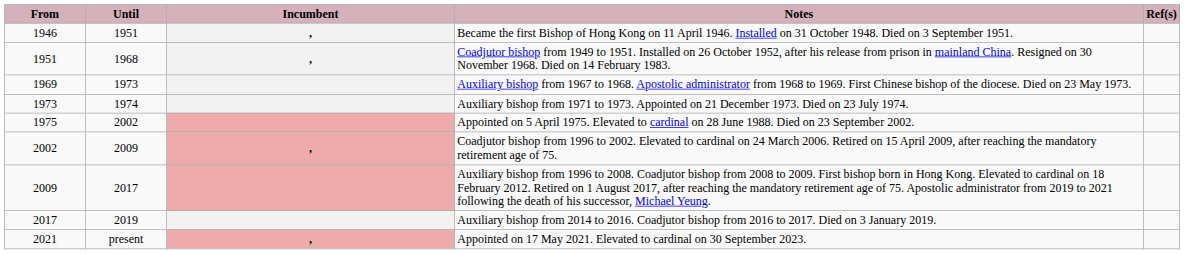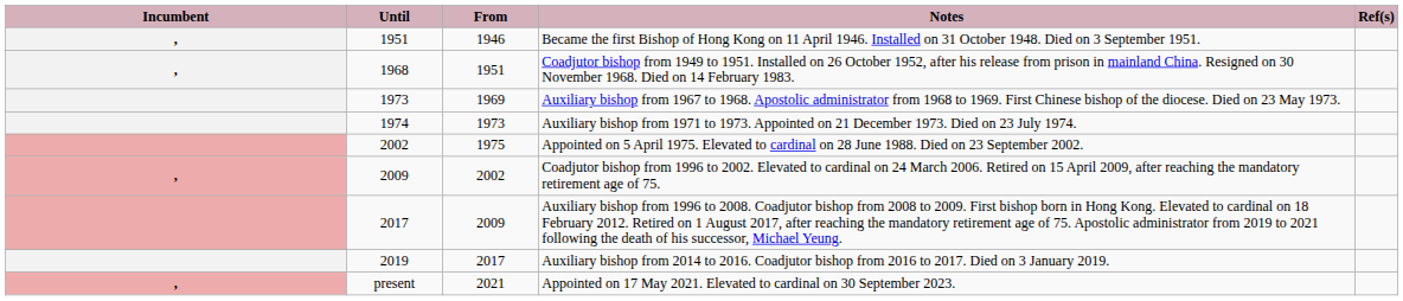 <table class="wikitable sortable plainrowheaders" style="text-align:center;">
 <tr>
+<th scope="col" style="background-color: #D4B1BB; width: 25%">Incumbent</th>
+<th scope="col" style="background-color: #D4B1BB; width: 7%">Until</th>
 <th scope="col" style="background-color: #D4B1BB; width: 7%">From</th>
-<th scope="col" style="background-color: #D4B1BB; width: 7%">Until</th>
-<th scope="col" style="background-color: #D4B1BB; width: 25%">Incumbent</th>
 <th scope="col" style="background-color: #D4B1BB; width: 60%" class="unsortable">Notes</th>
 <th scope="col" style="background-color: #D4B1BB" class="unsortable">Ref(s)</th>
 </tr>
 <tr>
+<th scope="row">, </th>
+<td>1951</td>
 <td>1946</td>
-<td>1951</td>
-<th scope="row">, </th>
 <td style="text-align:left">Became the first Bishop of Hong Kong on 11 April 1946.  <a href='#'>Installed</a> on 31 October 1948.  Died on 3 September 1951.</td>
 <td></td>
 </tr>
 <tr>
+<th scope="row">, </th>
+<td>1968</td>
 <td>1951</td>
-<td>1968</td>
-<th scope="row">, </th>
 <td style="text-align:left"><a href='#'>Coadjutor bishop</a> from 1949 to 1951.  Installed on 26 October 1952, after his release from prison in <a href='#'>mainland China</a>.  Resigned on 30 November 1968.  Died on 14 February 1983.</td>
 <td></td>
 </tr>
 <tr>
+<th scope="row"></th>
+<td>1973</td>
 <td>1969</td>
-<td>1973</td>
-<th scope="row"></th>
 <td style="text-align:left"><a href='#'>Auxiliary bishop</a> from 1967 to 1968.  <a href='#'>Apostolic administrator</a> from 1968 to 1969.  First Chinese bishop of the diocese.  Died on 23 May 1973.</td>
 <td></td>
 </tr>
 <tr>
+<th scope="row"></th>
+<td>1974</td>
 <td>1973</td>
-<td>1974</td>
-<th scope="row"></th>
 <td style="text-align:left">Auxiliary bishop from 1971 to 1973.  Appointed on 21 December 1973.  Died on 23 July 1974.</td>
 <td></td>
 </tr>
 <tr>
+<th scope="row" style="background-color: #eeabab"></th>
+<td>2002</td>
 <td>1975</td>
-<td>2002</td>
-<th scope="row" style="background-color: #eeabab"></th>
 <td style="text-align:left">Appointed on 5 April 1975.  Elevated to <a href='#'>cardinal</a> on 28 June 1988.  Died on 23 September 2002.</td>
 <td></td>
 </tr>
 <tr>
+<th scope="row" style="background-color: #eeabab">, </th>
+<td>2009</td>
 <td>2002</td>
-<td>2009</td>
-<th scope="row" style="background-color: #eeabab">, </th>
 <td style="text-align:left">Coadjutor bishop from 1996 to 2002.  Elevated to cardinal on 24 March 2006.  Retired on 15 April 2009, after reaching the mandatory retirement age of 75.</td>
 <td></td>
 </tr>
 <tr>
+<th scope="row" style="background-color: #eeabab"></th>
+<td>2017</td>
 <td>2009</td>
-<td>2017</td>
-<th scope="row" style="background-color: #eeabab"></th>
 <td style="text-align:left">Auxiliary bishop from 1996 to 2008.  Coadjutor bishop from 2008 to 2009.  First bishop born in Hong Kong.  Elevated to cardinal on 18 February 2012.  Retired on 1 August 2017, after reaching the mandatory retirement age of 75.  Apostolic administrator from 2019 to 2021 following the death of his successor, <a href='#'>Michael Yeung</a>.</td>
 <td></td>
 </tr>
 <tr>
+<th scope="row"></th>
+<td>2019</td>
 <td>2017</td>
-<td>2019</td>
-<th scope="row"></th>
 <td style="text-align:left">Auxiliary bishop from 2014 to 2016.  Coadjutor bishop from 2016 to 2017.  Died on 3 January 2019.</td>
 <td></td>
 </tr>
 <tr>
+<th scope="row" style="background-color: #eeabab">, </th>
+<td>present</td>
 <td>2021</td>
-<td>present</td>
-<th scope="row" style="background-color: #eeabab">, </th>
 <td style="text-align:left">Appointed on 17 May 2021.  Elevated to cardinal on 30 September 2023.</td>
 <td></td>
 </tr>
 </table>
